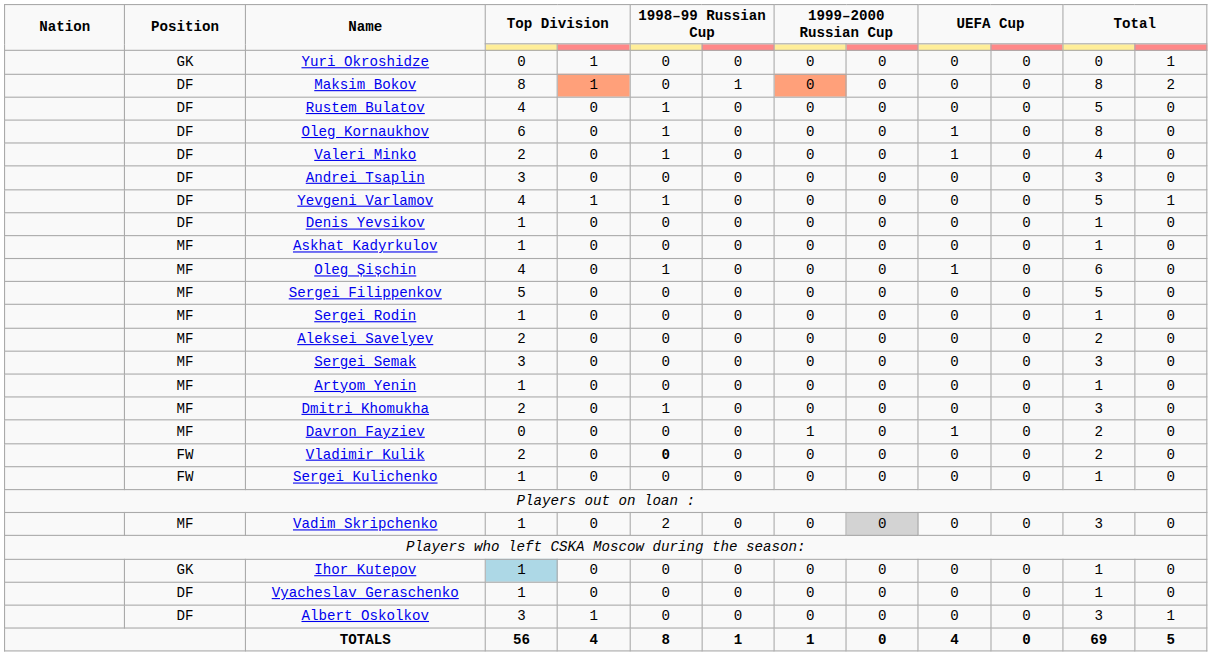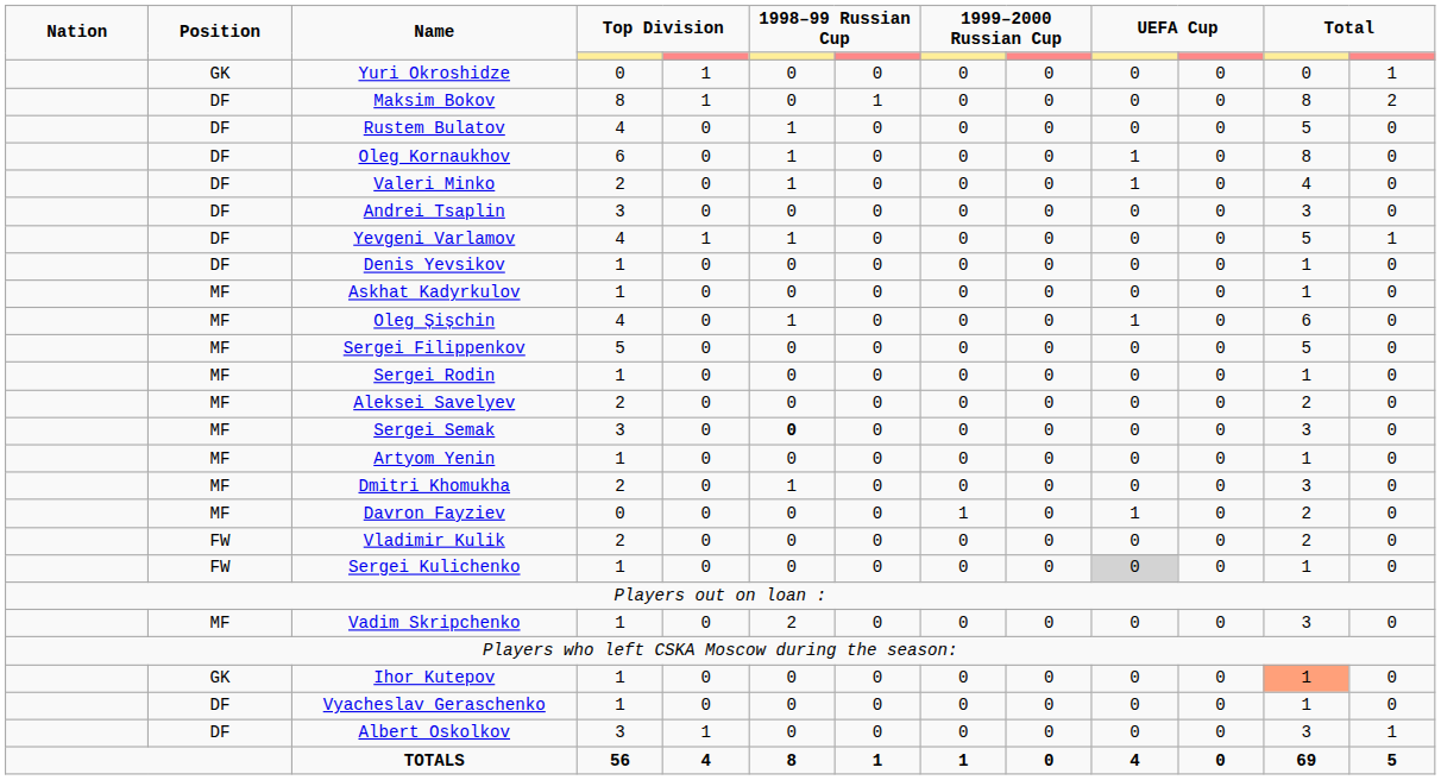 <table class="wikitable" style="font-size: 100%; text-align: center;">
 <tr>
 <td rowspan="2" width="10%" align="center"><strong>Nation</strong></td>
 <td rowspan="2" width="10%" align="center"><strong>Position</strong></td>
 <td rowspan="2" width="20%" align="center"><strong>Name</strong></td>
 <td colspan="2" align="center"><strong>Top Division</strong></td>
 <td colspan="2" align="center"><strong>1998–99 Russian Cup</strong></td>
 <td colspan="2" align="center"><strong>1999–2000 Russian Cup</strong></td>
 <td colspan="2" align="center"><strong>UEFA Cup</strong></td>
 <td colspan="2" align="center"><strong>Total</strong></td>
 </tr>
 <tr>
 <th width=60 style="background: #FFEE99"></th>
 <th width=60 style="background: #FF8888"></th>
 <th width=60 style="background: #FFEE99"></th>
 <th width=60 style="background: #FF8888"></th>
 <th width=60 style="background: #FFEE99"></th>
 <th width=60 style="background: #FF8888"></th>
 <th width=60 style="background: #FFEE99"></th>
 <th width=60 style="background: #FF8888"></th>
 <th width=60 style="background: #FFEE99"></th>
 <th width=60 style="background: #FF8888"></th>
 </tr>
 <tr>
 <td></td>
 <td>GK</td>
 <td><a href='#'>Yuri Okroshidze</a></td>
 <td>0</td>
 <td>1</td>
 <td>0</td>
 <td>0</td>
 <td>0</td>
 <td>0</td>
 <td>0</td>
 <td>0</td>
 <td>0</td>
 <td>1</td>
 </tr>
 <tr>
 <td></td>
 <td>DF</td>
 <td><a href='#'>Maksim Bokov</a></td>
 <td>8</td>
-<td style="background: lightsalmon;">1</td>
+<td>1</td>
 <td>0</td>
 <td>1</td>
-<td style="background: lightsalmon;">0</td>
+<td>0</td>
 <td>0</td>
 <td>0</td>
 <td>0</td>
 <td>8</td>
 <td>2</td>
 </tr>
 <tr>
 <td></td>
 <td>DF</td>
 <td><a href='#'>Rustem Bulatov</a></td>
 <td>4</td>
 <td>0</td>
 <td>1</td>
 <td>0</td>
 <td>0</td>
 <td>0</td>
 <td>0</td>
 <td>0</td>
 <td>5</td>
 <td>0</td>
 </tr>
 <tr>
 <td></td>
 <td>DF</td>
 <td><a href='#'>Oleg Kornaukhov</a></td>
 <td>6</td>
 <td>0</td>
 <td>1</td>
 <td>0</td>
 <td>0</td>
 <td>0</td>
 <td>1</td>
 <td>0</td>
 <td>8</td>
 <td>0</td>
 </tr>
 <tr>
 <td></td>
 <td>DF</td>
 <td><a href='#'>Valeri Minko</a></td>
 <td>2</td>
 <td>0</td>
 <td>1</td>
 <td>0</td>
 <td>0</td>
 <td>0</td>
 <td>1</td>
 <td>0</td>
 <td>4</td>
 <td>0</td>
 </tr>
 <tr>
 <td></td>
 <td>DF</td>
 <td><a href='#'>Andrei Tsaplin</a></td>
 <td>3</td>
 <td>0</td>
 <td>0</td>
 <td>0</td>
 <td>0</td>
 <td>0</td>
 <td>0</td>
 <td>0</td>
 <td>3</td>
 <td>0</td>
 </tr>
 <tr>
 <td></td>
 <td>DF</td>
 <td><a href='#'>Yevgeni Varlamov</a></td>
 <td>4</td>
 <td>1</td>
 <td>1</td>
 <td>0</td>
 <td>0</td>
 <td>0</td>
 <td>0</td>
 <td>0</td>
 <td>5</td>
 <td>1</td>
 </tr>
 <tr>
 <td></td>
 <td>DF</td>
 <td><a href='#'>Denis Yevsikov</a></td>
 <td>1</td>
 <td>0</td>
 <td>0</td>
 <td>0</td>
 <td>0</td>
 <td>0</td>
 <td>0</td>
 <td>0</td>
 <td>1</td>
 <td>0</td>
 </tr>
 <tr>
 <td></td>
 <td>MF</td>
 <td><a href='#'>Askhat Kadyrkulov</a></td>
 <td>1</td>
 <td>0</td>
 <td>0</td>
 <td>0</td>
 <td>0</td>
 <td>0</td>
 <td>0</td>
 <td>0</td>
 <td>1</td>
 <td>0</td>
 </tr>
 <tr>
 <td></td>
 <td>MF</td>
 <td><a href='#'>Oleg Șișchin</a></td>
 <td>4</td>
 <td>0</td>
 <td>1</td>
 <td>0</td>
 <td>0</td>
 <td>0</td>
 <td>1</td>
 <td>0</td>
 <td>6</td>
 <td>0</td>
 </tr>
 <tr>
 <td></td>
 <td>MF</td>
 <td><a href='#'>Sergei Filippenkov</a></td>
 <td>5</td>
 <td>0</td>
 <td>0</td>
 <td>0</td>
 <td>0</td>
 <td>0</td>
 <td>0</td>
 <td>0</td>
 <td>5</td>
 <td>0</td>
 </tr>
 <tr>
 <td></td>
 <td>MF</td>
 <td><a href='#'>Sergei Rodin</a></td>
 <td>1</td>
 <td>0</td>
 <td>0</td>
 <td>0</td>
 <td>0</td>
 <td>0</td>
 <td>0</td>
 <td>0</td>
 <td>1</td>
 <td>0</td>
 </tr>
 <tr>
 <td></td>
 <td>MF</td>
 <td><a href='#'>Aleksei Savelyev</a></td>
 <td>2</td>
 <td>0</td>
 <td>0</td>
 <td>0</td>
 <td>0</td>
 <td>0</td>
 <td>0</td>
 <td>0</td>
 <td>2</td>
 <td>0</td>
 </tr>
 <tr>
 <td></td>
 <td>MF</td>
 <td><a href='#'>Sergei Semak</a></td>
 <td>3</td>
 <td>0</td>
-<td>0</td>
+<td><strong>0</strong></td>
 <td>0</td>
 <td>0</td>
 <td>0</td>
 <td>0</td>
 <td>0</td>
 <td>3</td>
 <td>0</td>
 </tr>
 <tr>
 <td></td>
 <td>MF</td>
 <td><a href='#'>Artyom Yenin</a></td>
 <td>1</td>
 <td>0</td>
 <td>0</td>
 <td>0</td>
 <td>0</td>
 <td>0</td>
 <td>0</td>
 <td>0</td>
 <td>1</td>
 <td>0</td>
 </tr>
 <tr>
 <td></td>
 <td>MF</td>
 <td><a href='#'>Dmitri Khomukha</a></td>
 <td>2</td>
 <td>0</td>
 <td>1</td>
 <td>0</td>
 <td>0</td>
 <td>0</td>
 <td>0</td>
 <td>0</td>
 <td>3</td>
 <td>0</td>
 </tr>
 <tr>
 <td></td>
 <td>MF</td>
 <td><a href='#'>Davron Fayziev</a></td>
 <td>0</td>
 <td>0</td>
 <td>0</td>
 <td>0</td>
 <td>1</td>
 <td>0</td>
 <td>1</td>
 <td>0</td>
 <td>2</td>
 <td>0</td>
 </tr>
 <tr>
 <td></td>
 <td>FW</td>
 <td><a href='#'>Vladimir Kulik</a></td>
 <td>2</td>
 <td>0</td>
-<td><strong>0</strong></td>
+<td>0</td>
 <td>0</td>
 <td>0</td>
 <td>0</td>
 <td>0</td>
 <td>0</td>
 <td>2</td>
 <td>0</td>
 </tr>
 <tr>
 <td></td>
 <td>FW</td>
 <td><a href='#'>Sergei Kulichenko</a></td>
 <td>1</td>
 <td>0</td>
 <td>0</td>
 <td>0</td>
 <td>0</td>
 <td>0</td>
-<td>0</td>
+<td style="background: lightgrey;">0</td>
 <td>0</td>
 <td>1</td>
 <td>0</td>
 </tr>
 <tr>
 <td colspan="14"><em>Players out on loan :</em></td>
 </tr>
 <tr>
 <td></td>
 <td>MF</td>
 <td><a href='#'>Vadim Skripchenko</a></td>
 <td>1</td>
 <td>0</td>
 <td>2</td>
 <td>0</td>
 <td>0</td>
-<td style="background: lightgrey;">0</td>
+<td>0</td>
 <td>0</td>
 <td>0</td>
 <td>3</td>
 <td>0</td>
 </tr>
 <tr>
 <td colspan="14"><em>Players who left CSKA Moscow during the season:</em></td>
 </tr>
 <tr>
 <td></td>
 <td>GK</td>
 <td><a href='#'>Ihor Kutepov</a></td>
-<td style="background: lightblue;">1</td>
+<td>1</td>
 <td>0</td>
 <td>0</td>
 <td>0</td>
 <td>0</td>
 <td>0</td>
 <td>0</td>
 <td>0</td>
-<td>1</td>
+<td style="background: lightsalmon;">1</td>
 <td>0</td>
 </tr>
 <tr>
 <td></td>
 <td>DF</td>
 <td><a href='#'>Vyacheslav Geraschenko</a></td>
 <td>1</td>
 <td>0</td>
 <td>0</td>
 <td>0</td>
 <td>0</td>
 <td>0</td>
 <td>0</td>
 <td>0</td>
 <td>1</td>
 <td>0</td>
 </tr>
 <tr>
 <td></td>
 <td>DF</td>
 <td><a href='#'>Albert Oskolkov</a></td>
 <td>3</td>
 <td>1</td>
 <td>0</td>
 <td>0</td>
 <td>0</td>
 <td>0</td>
 <td>0</td>
 <td>0</td>
 <td>3</td>
 <td>1</td>
 </tr>
 <tr>
 <td colspan="2"></td>
 <td><strong>TOTALS</strong></td>
 <td><strong>56</strong></td>
 <td><strong>4</strong></td>
 <td><strong>8</strong></td>
 <td><strong>1</strong></td>
 <td><strong>1</strong></td>
 <td><strong>0</strong></td>
 <td><strong>4</strong></td>
 <td><strong>0</strong></td>
 <td><strong>69</strong></td>
 <td><strong>5</strong></td>
 </tr>
 </table>
